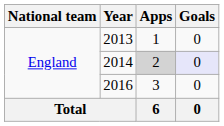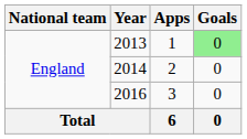 <table class="wikitable" style="text-align: center;">
 <tr>
 <th>National team</th>
 <th>Year</th>
 <th>Apps</th>
 <th>Goals</th>
 </tr>
 <tr>
 <td rowspan="3"><a href='#'>England</a></td>
 <td>2013</td>
 <td>1</td>
-<td>0</td>
+<td style="background: lightgreen;">0</td>
 </tr>
 <tr>
 <td>2014</td>
-<td style="background: lightgrey;">2</td>
-<td style="background: lavender;">0</td>
+<td>2</td>
+<td>0</td>
 </tr>
 <tr>
 <td>2016</td>
 <td>3</td>
 <td>0</td>
 </tr>
 <tr>
 <th colspan="2">Total</th>
 <th>6</th>
 <th>0</th>
 </tr>
 </table>
